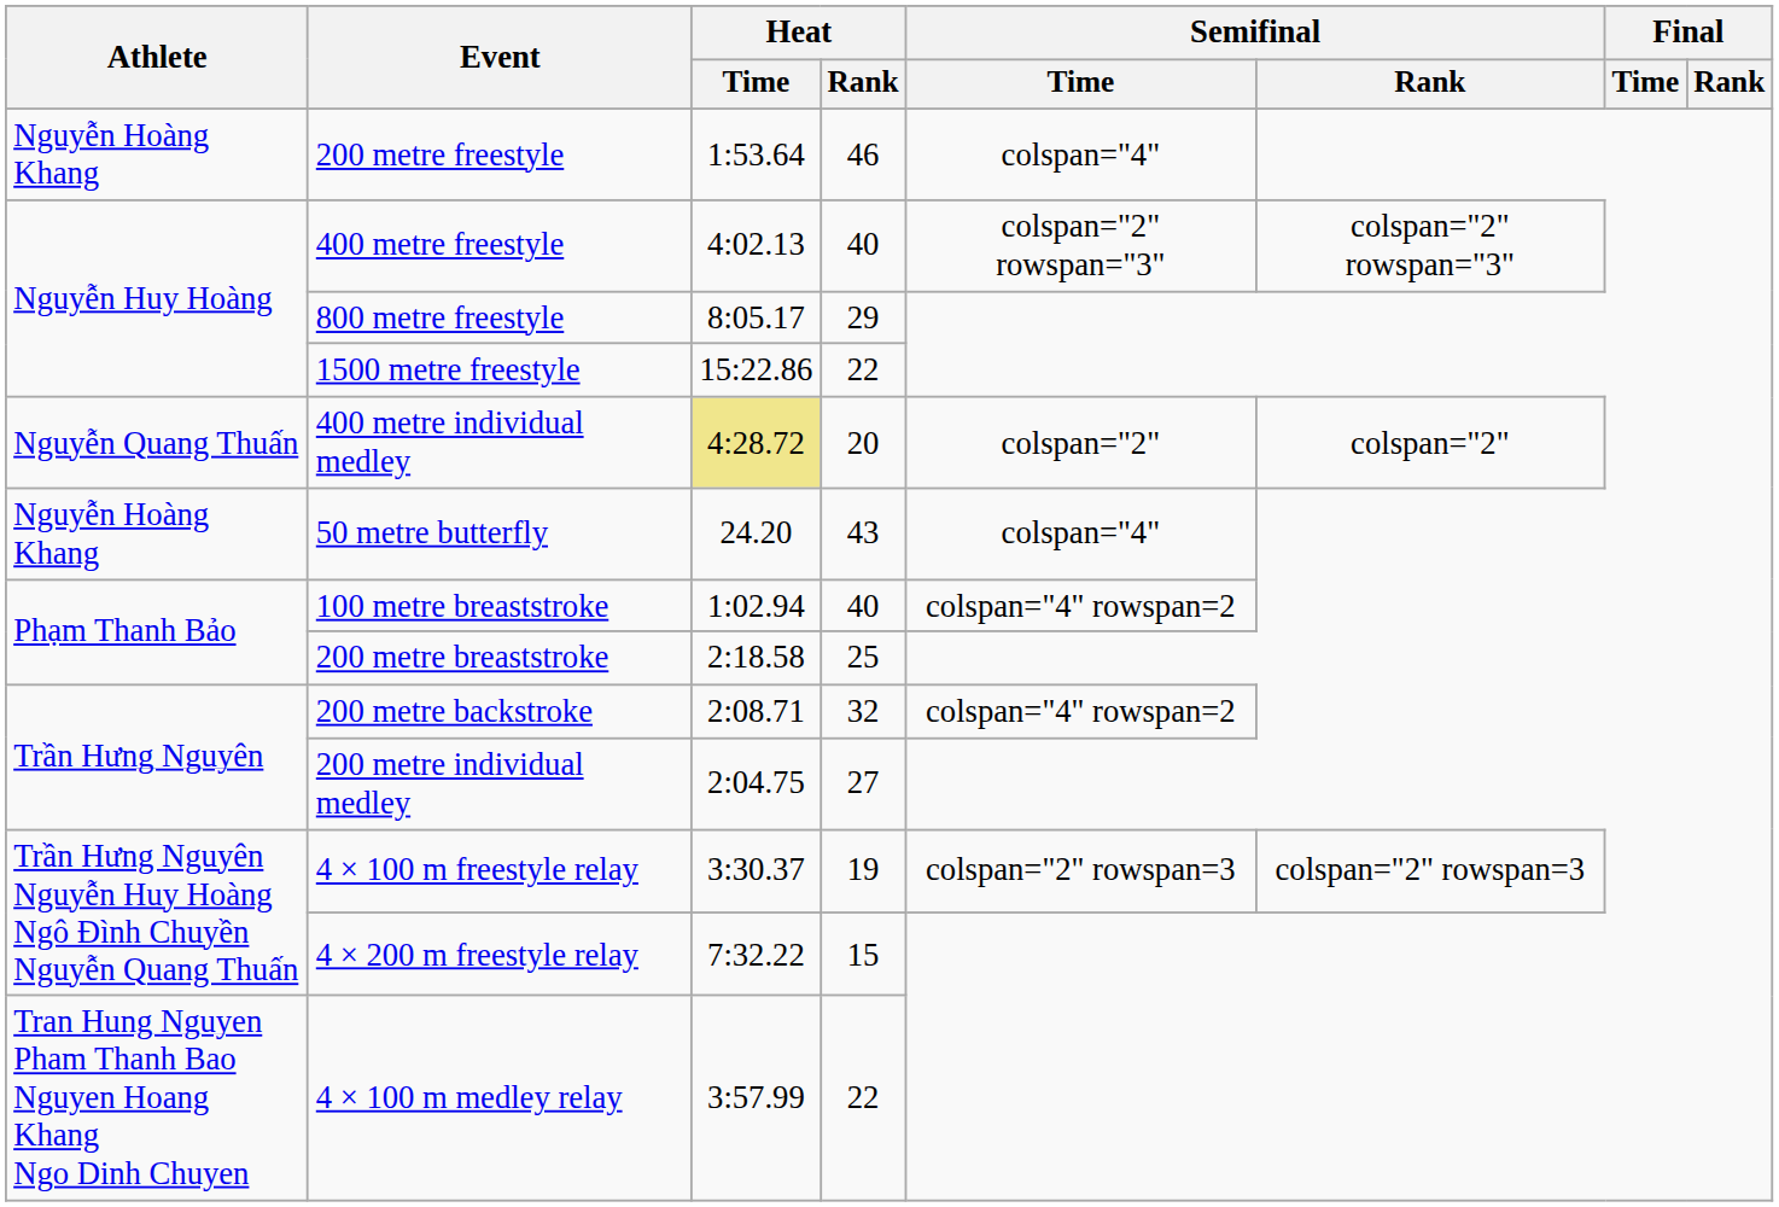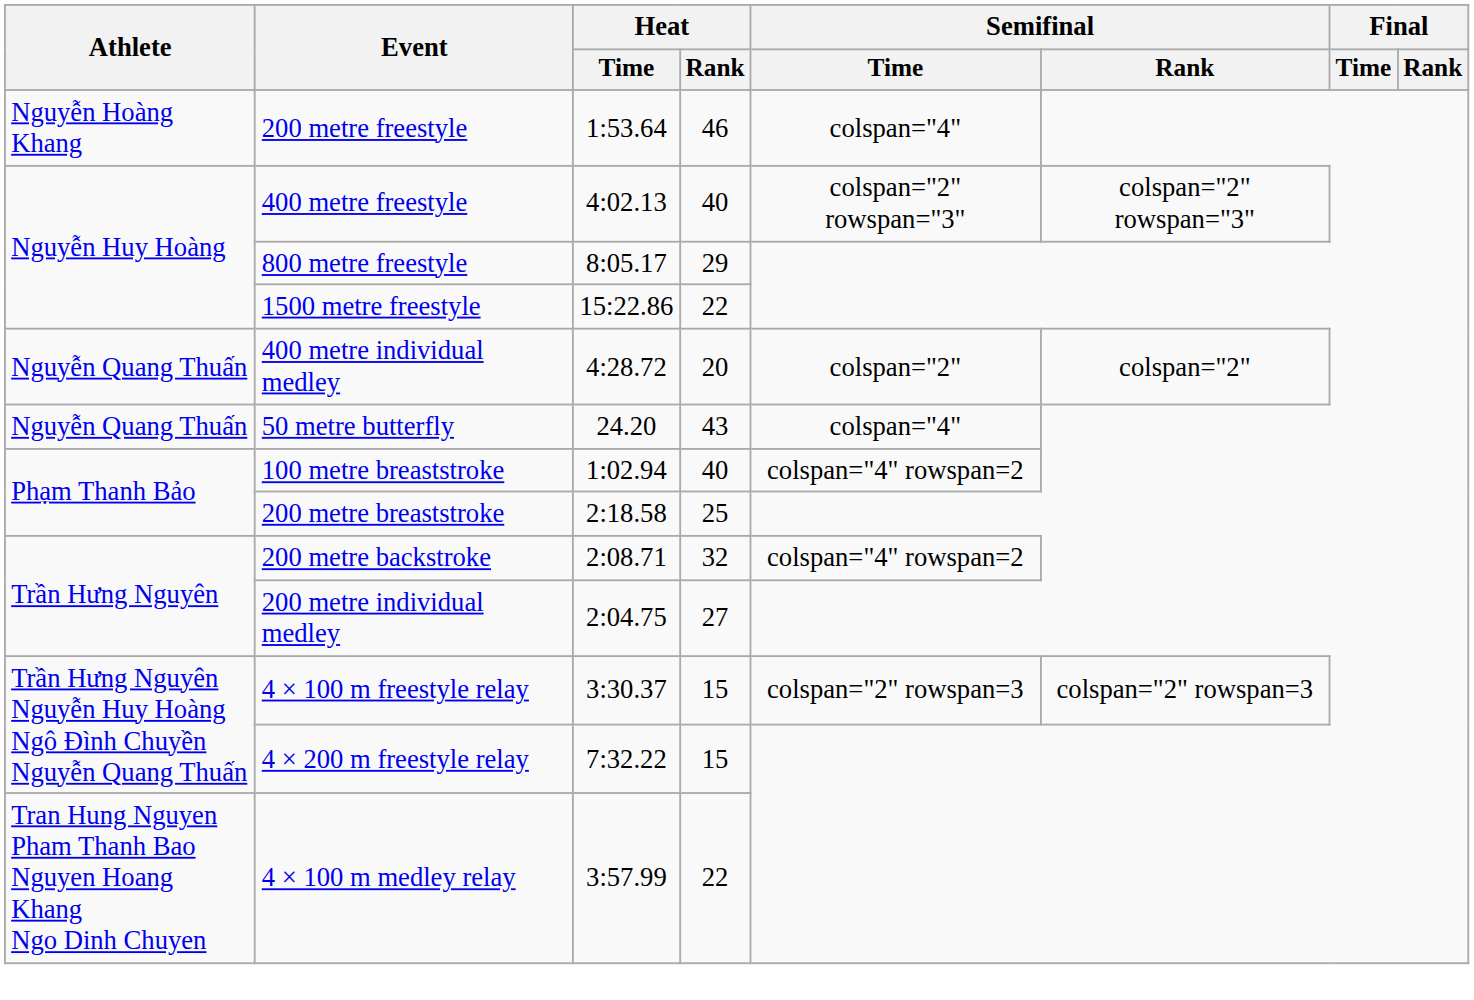 <table class="wikitable" style="text-align:center; font-size:90%; width:50%;">
 <tr>
 <th rowspan="2">Athlete</th>
 <th rowspan="2">Event</th>
 <th colspan="2">Heat</th>
 <th colspan="2">Semifinal</th>
 <th colspan="2">Final</th>
 </tr>
 <tr style="font-size:95%">
 <th>Time</th>
 <th>Rank</th>
 <th>Time</th>
 <th>Rank</th>
 <th>Time</th>
 <th>Rank</th>
 </tr>
 <tr align=center>
 <td align=left><a href='#'>Nguyễn Hoàng Khang</a></td>
 <td align=left><a href='#'>200 metre freestyle</a></td>
 <td>1:53.64</td>
 <td>46</td>
 <td>colspan="4"</td>
 </tr>
 <tr align=center>
 <td align=left rowspan="3"><a href='#'>Nguyễn Huy Hoàng</a></td>
 <td align=left><a href='#'>400 metre freestyle</a></td>
 <td>4:02.13</td>
 <td>40</td>
 <td>colspan="2" rowspan="3"</td>
 <td>colspan="2" rowspan="3"</td>
 </tr>
 <tr align=center>
 <td align=left><a href='#'>800 metre freestyle</a></td>
 <td>8:05.17</td>
 <td>29</td>
 </tr>
 <tr align=center>
 <td align=left><a href='#'>1500 metre freestyle</a></td>
 <td>15:22.86</td>
 <td>22</td>
 </tr>
 <tr align=center>
 <td align=left><a href='#'>Nguyễn Quang Thuấn</a></td>
 <td align=left><a href='#'>400 metre individual medley</a></td>
-<td style="background: khaki;">4:28.72</td>
+<td>4:28.72</td>
 <td>20</td>
 <td>colspan="2"  </td>
 <td>colspan="2"  </td>
 </tr>
 <tr align=center>
-<td align=left><a href='#'>Nguyễn Hoàng Khang</a></td>
+<td align=left><a href='#'>Nguyễn Quang Thuấn</a></td>
 <td align=left><a href='#'>50 metre butterfly</a></td>
 <td>24.20</td>
 <td>43</td>
 <td>colspan="4"</td>
 </tr>
 <tr align=center>
 <td align=left rowspan=2><a href='#'>Phạm Thanh Bảo</a></td>
 <td align=left><a href='#'>100 metre breaststroke</a></td>
 <td>1:02.94</td>
 <td>40</td>
 <td>colspan="4" rowspan=2</td>
 </tr>
 <tr align=center>
 <td align=left><a href='#'>200 metre breaststroke</a></td>
 <td>2:18.58</td>
 <td>25</td>
 </tr>
 <tr align=center>
 <td align=left rowspan=2><a href='#'>Trần Hưng Nguyên</a></td>
 <td align=left><a href='#'>200 metre backstroke</a></td>
 <td>2:08.71</td>
 <td>32</td>
 <td>colspan="4" rowspan=2</td>
 </tr>
 <tr align=center>
 <td align=left><a href='#'>200 metre individual medley</a></td>
 <td>2:04.75</td>
 <td>27</td>
 </tr>
 <tr align=center>
 <td align=left rowspan=2><a href='#'>Trần Hưng Nguyên</a> <br><a href='#'>Nguyễn Huy Hoàng</a><br><a href='#'>Ngô Đình Chuyền</a>  <br><a href='#'>Nguyễn Quang Thuấn</a></td>
 <td align=left><a href='#'>4 × 100 m freestyle relay</a></td>
 <td>3:30.37</td>
-<td>19</td>
+<td>15</td>
 <td>colspan="2" rowspan=3 </td>
 <td>colspan="2" rowspan=3 </td>
 </tr>
 <tr align=center>
 <td align=left><a href='#'>4 × 200 m freestyle relay</a></td>
 <td>7:32.22</td>
 <td>15</td>
 </tr>
 <tr align=center>
 <td align=left><a href='#'>Tran Hung Nguyen</a>  <br><a href='#'>Pham Thanh Bao</a> <br><a href='#'>Nguyen Hoang Khang</a> <br><a href='#'>Ngo Dinh Chuyen</a></td>
 <td align=left><a href='#'>4 × 100 m medley relay</a></td>
 <td>3:57.99</td>
 <td>22</td>
 </tr>
 </table>
